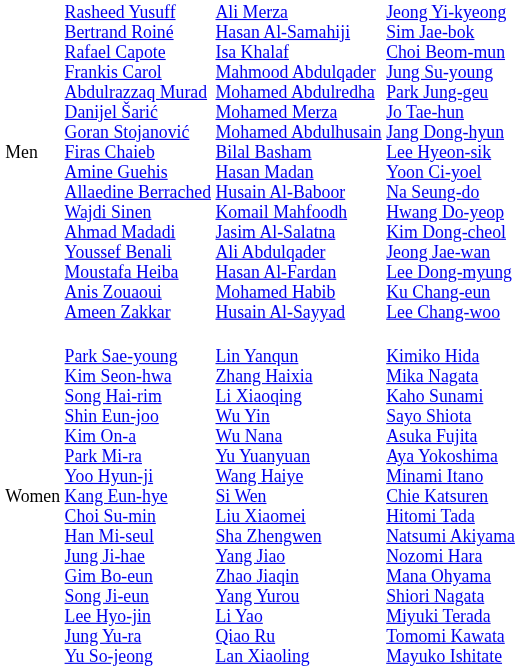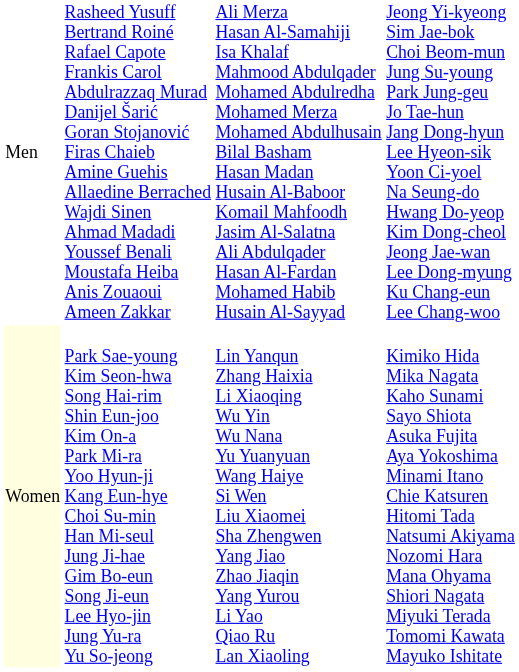 <table>
 <tr>
 <td>Men<br></td>
 <td><br><a href='#'>Rasheed Yusuff</a><br><a href='#'>Bertrand Roiné</a><br><a href='#'>Rafael Capote</a><br><a href='#'>Frankis Carol</a><br><a href='#'>Abdulrazzaq Murad</a><br><a href='#'>Danijel Šarić</a><br><a href='#'>Goran Stojanović</a><br><a href='#'>Firas Chaieb</a><br><a href='#'>Amine Guehis</a><br><a href='#'>Allaedine Berrached</a><br><a href='#'>Wajdi Sinen</a><br><a href='#'>Ahmad Madadi</a><br><a href='#'>Youssef Benali</a><br><a href='#'>Moustafa Heiba</a><br><a href='#'>Anis Zouaoui</a><br><a href='#'>Ameen Zakkar</a></td>
 <td><br><a href='#'>Ali Merza</a><br><a href='#'>Hasan Al-Samahiji</a><br><a href='#'>Isa Khalaf</a><br><a href='#'>Mahmood Abdulqader</a><br><a href='#'>Mohamed Abdulredha</a><br><a href='#'>Mohamed Merza</a><br><a href='#'>Mohamed Abdulhusain</a><br><a href='#'>Bilal Basham</a><br><a href='#'>Hasan Madan</a><br><a href='#'>Husain Al-Baboor</a><br><a href='#'>Komail Mahfoodh</a><br><a href='#'>Jasim Al-Salatna</a><br><a href='#'>Ali Abdulqader</a><br><a href='#'>Hasan Al-Fardan</a><br><a href='#'>Mohamed Habib</a><br><a href='#'>Husain Al-Sayyad</a></td>
 <td><br><a href='#'>Jeong Yi-kyeong</a><br><a href='#'>Sim Jae-bok</a><br><a href='#'>Choi Beom-mun</a><br><a href='#'>Jung Su-young</a><br><a href='#'>Park Jung-geu</a><br><a href='#'>Jo Tae-hun</a><br><a href='#'>Jang Dong-hyun</a><br><a href='#'>Lee Hyeon-sik</a><br><a href='#'>Yoon Ci-yoel</a><br><a href='#'>Na Seung-do</a><br><a href='#'>Hwang Do-yeop</a><br><a href='#'>Kim Dong-cheol</a><br><a href='#'>Jeong Jae-wan</a><br><a href='#'>Lee Dong-myung</a><br><a href='#'>Ku Chang-eun</a><br><a href='#'>Lee Chang-woo</a></td>
 </tr>
 <tr>
-<td>Women<br></td>
+<td style="background: lightyellow;">Women<br></td>
 <td><br><a href='#'>Park Sae-young</a><br><a href='#'>Kim Seon-hwa</a><br><a href='#'>Song Hai-rim</a><br><a href='#'>Shin Eun-joo</a><br><a href='#'>Kim On-a</a><br><a href='#'>Park Mi-ra</a><br><a href='#'>Yoo Hyun-ji</a><br><a href='#'>Kang Eun-hye</a><br><a href='#'>Choi Su-min</a><br><a href='#'>Han Mi-seul</a><br><a href='#'>Jung Ji-hae</a><br><a href='#'>Gim Bo-eun</a><br><a href='#'>Song Ji-eun</a><br><a href='#'>Lee Hyo-jin</a><br><a href='#'>Jung Yu-ra</a><br><a href='#'>Yu So-jeong</a></td>
 <td><br><a href='#'>Lin Yanqun</a><br><a href='#'>Zhang Haixia</a><br><a href='#'>Li Xiaoqing</a><br><a href='#'>Wu Yin</a><br><a href='#'>Wu Nana</a><br><a href='#'>Yu Yuanyuan</a><br><a href='#'>Wang Haiye</a><br><a href='#'>Si Wen</a><br><a href='#'>Liu Xiaomei</a><br><a href='#'>Sha Zhengwen</a><br><a href='#'>Yang Jiao</a><br><a href='#'>Zhao Jiaqin</a><br><a href='#'>Yang Yurou</a><br><a href='#'>Li Yao</a><br><a href='#'>Qiao Ru</a><br><a href='#'>Lan Xiaoling</a></td>
 <td><br><a href='#'>Kimiko Hida</a><br><a href='#'>Mika Nagata</a><br><a href='#'>Kaho Sunami</a><br><a href='#'>Sayo Shiota</a><br><a href='#'>Asuka Fujita</a><br><a href='#'>Aya Yokoshima</a><br><a href='#'>Minami Itano</a><br><a href='#'>Chie Katsuren</a><br><a href='#'>Hitomi Tada</a><br><a href='#'>Natsumi Akiyama</a><br><a href='#'>Nozomi Hara</a><br><a href='#'>Mana Ohyama</a><br><a href='#'>Shiori Nagata</a><br><a href='#'>Miyuki Terada</a><br><a href='#'>Tomomi Kawata</a><br><a href='#'>Mayuko Ishitate</a></td>
 </tr>
 </table>
